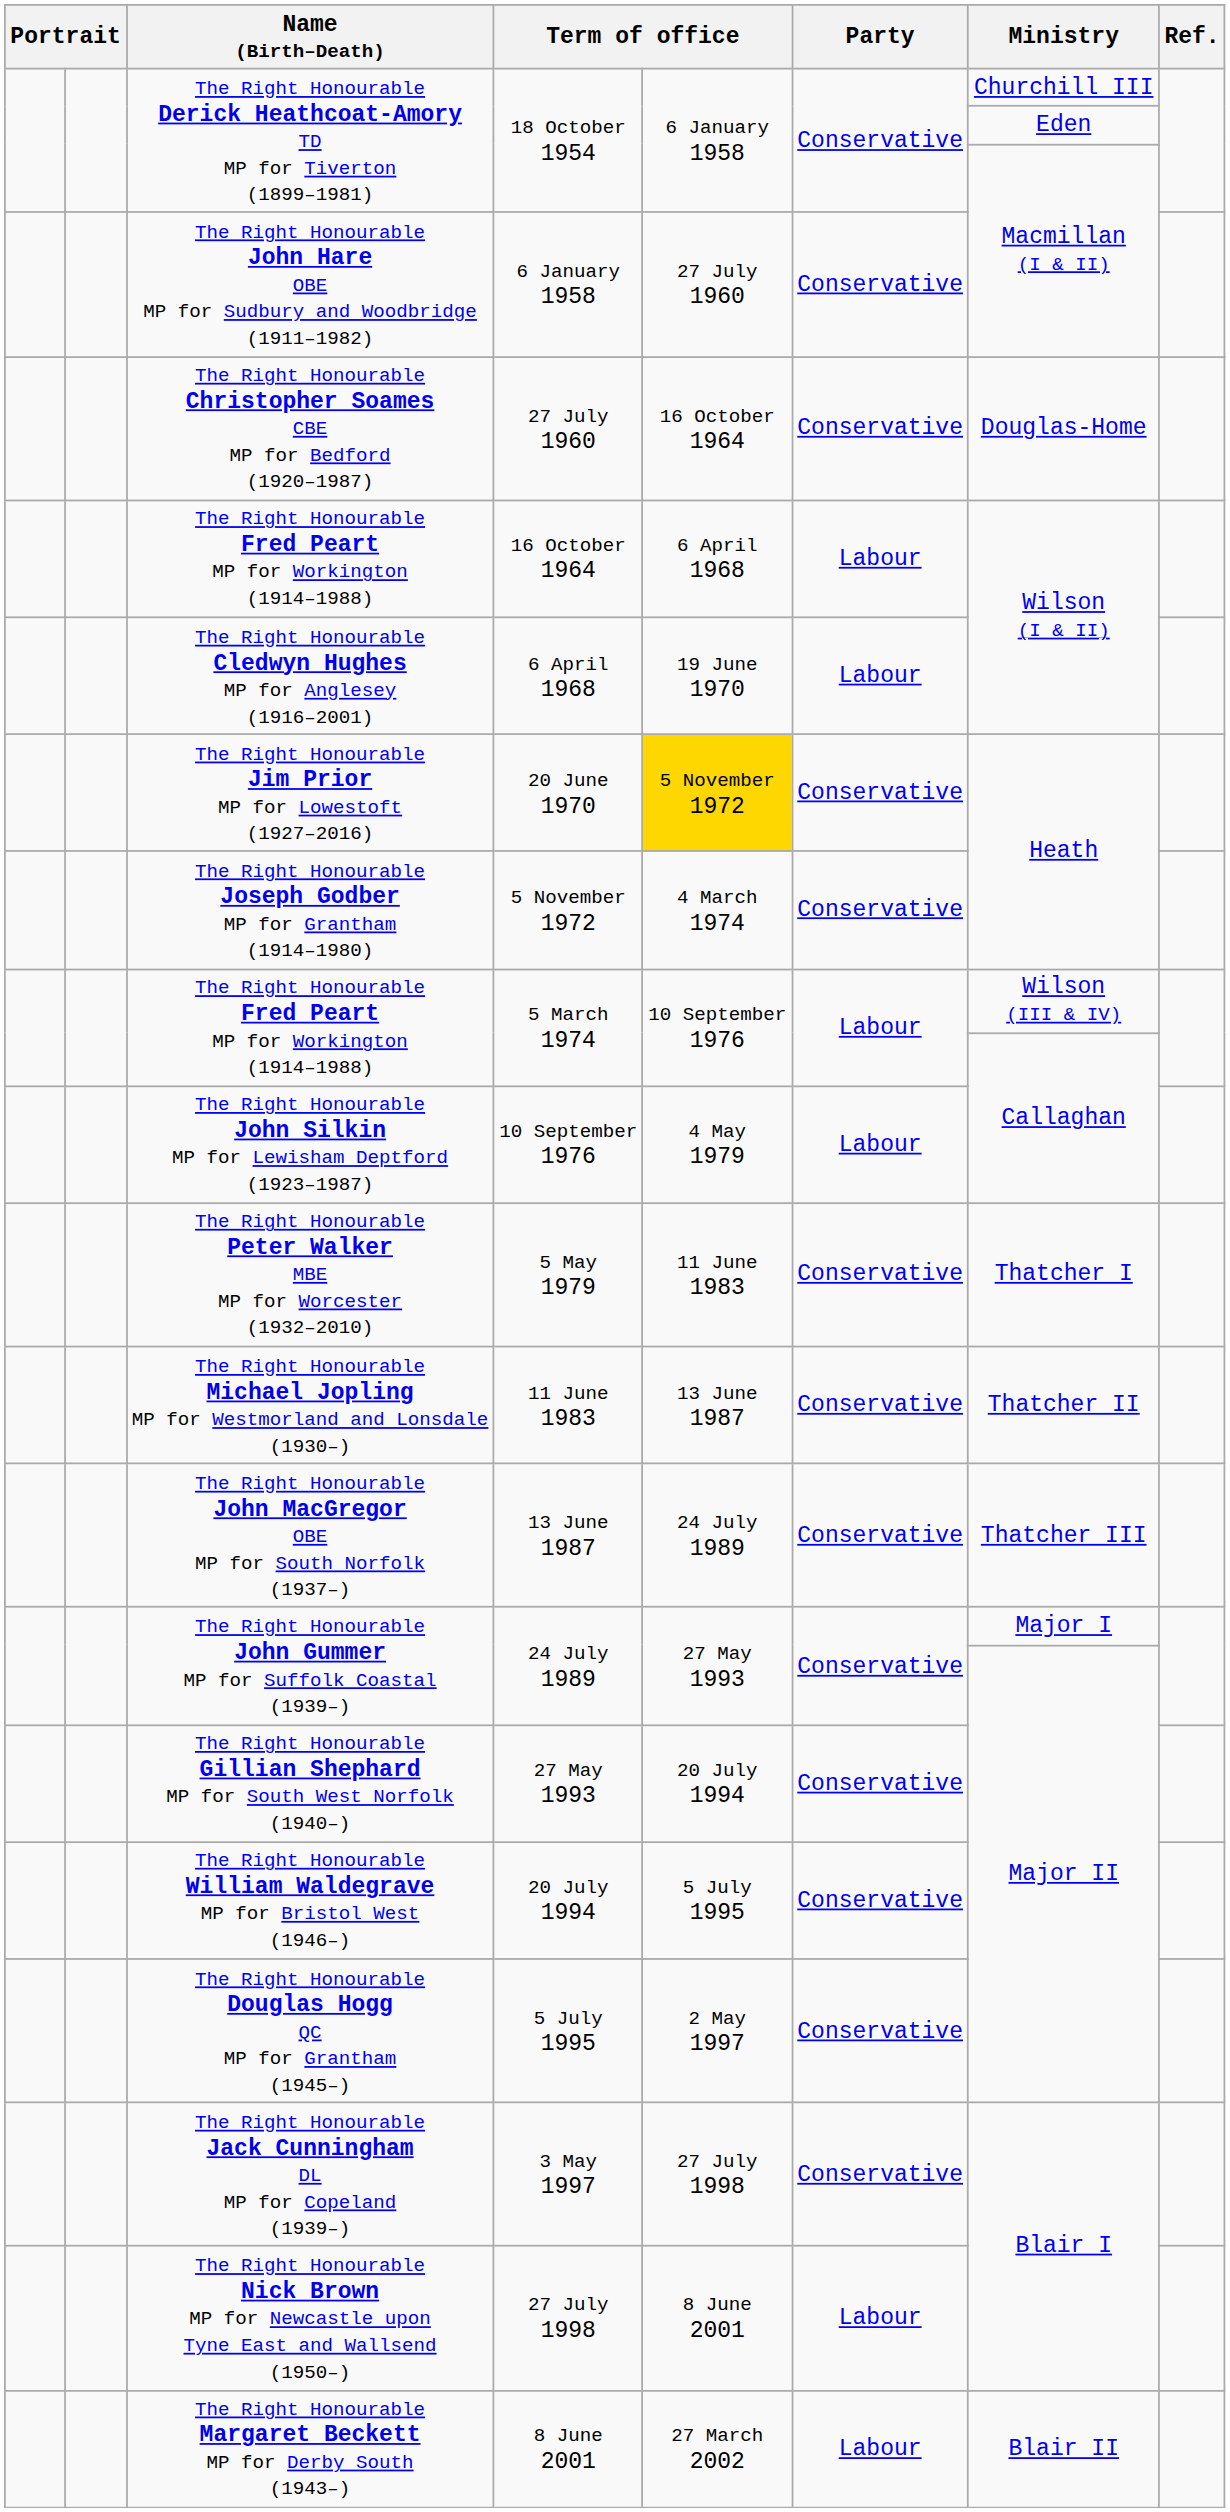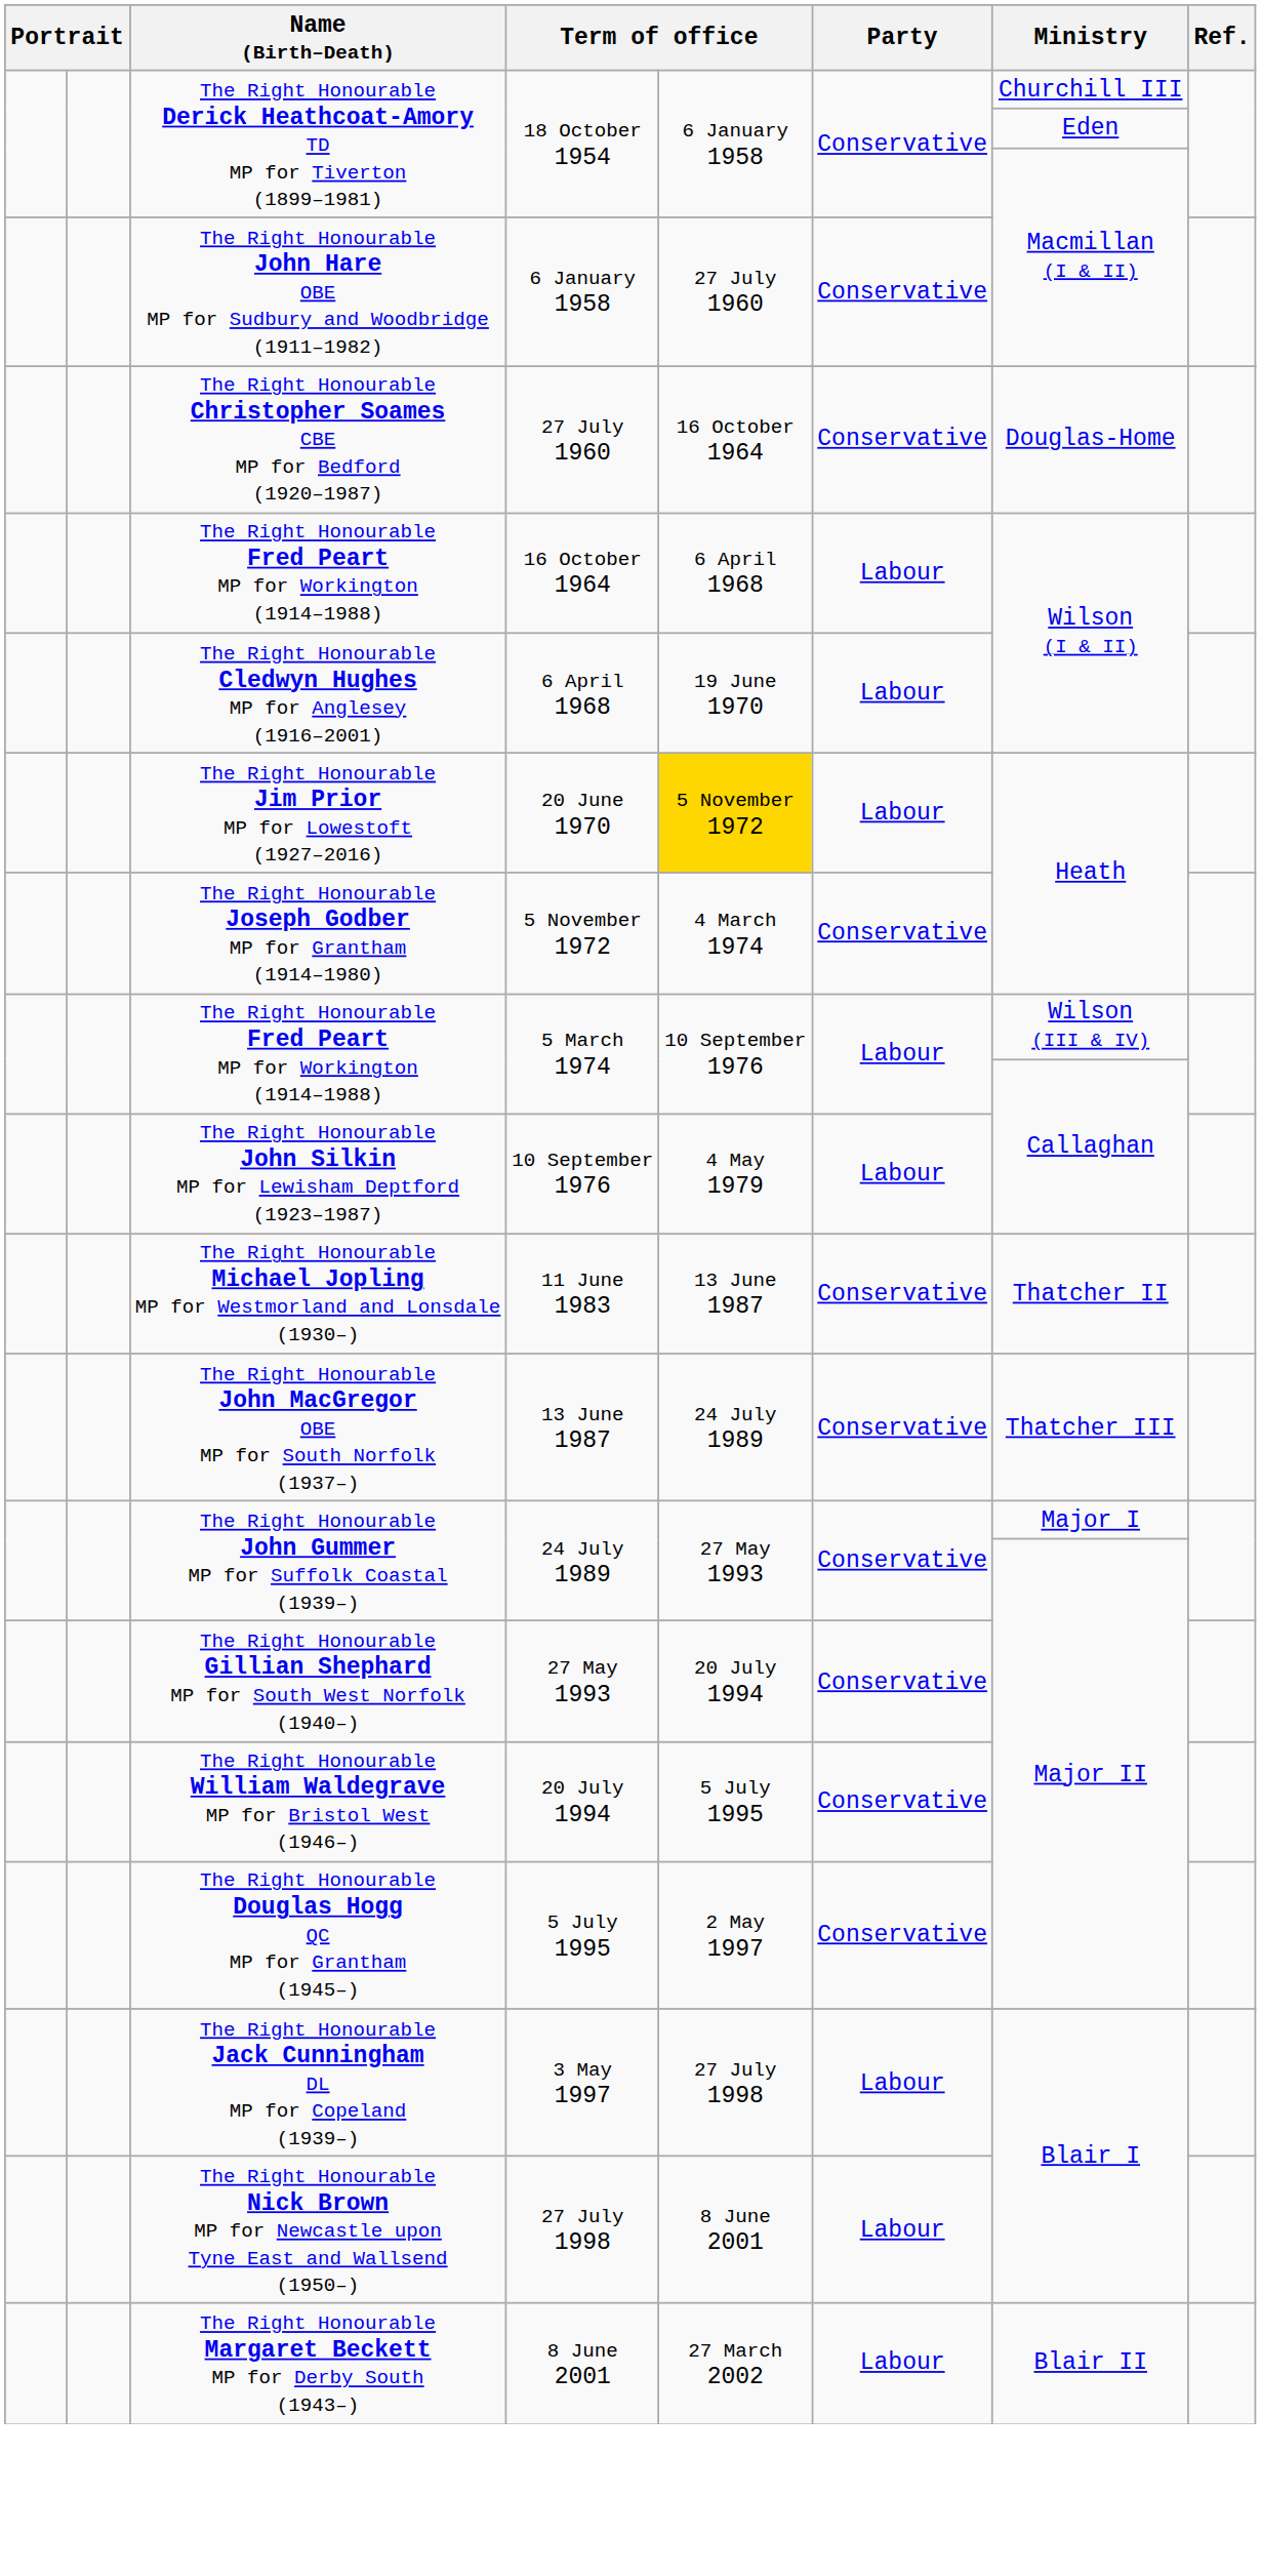 <table class="wikitable" style="text-align:center; white-space: nowrap;">
 <tr>
 <th colspan=2>Portrait</th>
 <th>Name<br><small>(Birth–Death)</small></th>
 <th colspan=2>Term of office</th>
 <th>Party</th>
 <th>Ministry</th>
 <th><abbr>Ref.</abbr></th>
 </tr>
 <tr>
 <td rowspan=3 style="background-color: "></td>
 <td rowspan=3></td>
 <td rowspan=3><a href='#'><small>The Right Honourable</small><br><strong>Derick Heathcoat-Amory</strong><br><small>TD</small></a><br><small>MP for <a href='#'>Tiverton</a><br>(1899–1981)</small></td>
 <td rowspan=3><small>18 October</small><br>1954</td>
 <td rowspan=3><small>6 January</small><br>1958</td>
 <td rowspan=3 ><a href='#'>Conservative</a></td>
 <td><a href='#'>Churchill III</a></td>
 <td rowspan=3></td>
 </tr>
 <tr>
 <td><a href='#'>Eden</a></td>
 </tr>
 <tr>
 <td rowspan=3 ><a href='#'>Macmillan<br><small>(I & II)</small></a></td>
 </tr>
 <tr>
 <td style="background-color: "></td>
 <td></td>
 <td><a href='#'><small>The Right Honourable</small><br><strong>John Hare</strong><br><small>OBE</small></a><br><small>MP for <a href='#'>Sudbury and Woodbridge</a><br>(1911–1982)</small></td>
 <td><small>6 January</small><br>1958</td>
 <td><small>27 July</small><br>1960</td>
 <td><a href='#'>Conservative</a></td>
 <td></td>
 </tr>
 <tr>
 <td rowspan=2 style="background-color: "></td>
 <td rowspan=2></td>
 <td rowspan=2><a href='#'><small>The Right Honourable</small><br><strong>Christopher Soames</strong><br><small>CBE</small></a><br><small>MP for <a href='#'>Bedford</a><br>(1920–1987)</small></td>
 <td rowspan=2><small>27 July</small><br>1960</td>
 <td rowspan=2><small>16 October</small><br>1964</td>
 <td rowspan=2 ><a href='#'>Conservative</a></td>
 <td rowspan=2></td>
 </tr>
 <tr>
 <td><a href='#'>Douglas-Home</a></td>
 </tr>
 <tr>
 <td style="background-color: "></td>
 <td></td>
 <td><a href='#'><small>The Right Honourable</small><br><strong>Fred Peart</strong></a><br><small>MP for <a href='#'>Workington</a><br>(1914–1988)</small></td>
 <td><small>16 October</small><br>1964</td>
 <td><small>6 April</small><br>1968</td>
 <td><a href='#'>Labour</a></td>
 <td rowspan=2 ><a href='#'>Wilson<br><small>(I & II)</small></a></td>
 <td></td>
 </tr>
 <tr>
 <td style="background-color: "></td>
 <td></td>
 <td><a href='#'><small>The Right Honourable</small><br><strong>Cledwyn Hughes</strong></a><br><small>MP for <a href='#'>Anglesey</a><br>(1916–2001)</small></td>
 <td><small>6 April</small><br>1968</td>
 <td><small>19 June</small><br>1970</td>
 <td><a href='#'>Labour</a></td>
 <td></td>
 </tr>
 <tr>
 <td style="background-color: "></td>
 <td></td>
 <td><a href='#'><small>The Right Honourable</small><br><strong>Jim Prior</strong></a><br><small>MP for <a href='#'>Lowestoft</a><br>(1927–2016)</small></td>
 <td><small>20 June</small><br>1970</td>
 <td style="background: gold;"><small>5 November</small><br>1972</td>
-<td><a href='#'>Conservative</a></td>
+<td><a href='#'>Labour</a></td>
 <td rowspan=2 ><a href='#'>Heath</a></td>
 <td></td>
 </tr>
 <tr>
 <td style="background-color: "></td>
 <td></td>
 <td><a href='#'><small>The Right Honourable</small><br><strong>Joseph Godber</strong></a><br><small>MP for <a href='#'>Grantham</a><br>(1914–1980)</small></td>
 <td><small>5 November</small><br>1972</td>
 <td><small>4 March</small><br>1974</td>
 <td><a href='#'>Conservative</a></td>
 <td></td>
 </tr>
 <tr>
 <td rowspan=2 style="background-color: "></td>
 <td rowspan=2></td>
 <td rowspan=2><a href='#'><small>The Right Honourable</small><br><strong>Fred Peart</strong></a><br><small>MP for <a href='#'>Workington</a><br>(1914–1988)</small></td>
 <td rowspan=2><small>5 March</small><br>1974</td>
 <td rowspan=2><small>10 September</small><br>1976</td>
 <td rowspan=2 ><a href='#'>Labour</a></td>
 <td><a href='#'>Wilson<br><small>(III & IV)</small></a></td>
 <td rowspan=2></td>
 </tr>
 <tr>
 <td rowspan=2 ><a href='#'>Callaghan</a></td>
 </tr>
 <tr>
 <td style="background-color: "></td>
 <td></td>
 <td><a href='#'><small>The Right Honourable</small><br><strong>John Silkin</strong></a><br><small>MP for <a href='#'>Lewisham Deptford</a><br>(1923–1987)</small></td>
 <td><small>10 September</small><br>1976</td>
 <td><small>4 May</small><br>1979</td>
 <td><a href='#'>Labour</a></td>
-<td></td>
-</tr>
-<tr>
-<td style="background-color: "></td>
-<td></td>
-<td><a href='#'><small>The Right Honourable</small><br><strong>Peter Walker</strong><br><small>MBE</small></a><br><small>MP for <a href='#'>Worcester</a><br>(1932–2010)</small></td>
-<td><small>5 May</small><br>1979</td>
-<td><small>11 June</small><br>1983</td>
-<td><a href='#'>Conservative</a></td>
-<td><a href='#'>Thatcher I</a></td>
 <td></td>
 </tr>
 <tr>
 <td style="background-color: "></td>
 <td></td>
 <td><a href='#'><small>The Right Honourable</small><br><strong>Michael Jopling</strong></a><br><small>MP for <a href='#'>Westmorland and Lonsdale</a><br>(1930–)</small></td>
 <td><small>11 June</small><br>1983</td>
 <td><small>13 June</small><br>1987</td>
 <td><a href='#'>Conservative</a></td>
 <td><a href='#'>Thatcher II</a></td>
 <td></td>
 </tr>
 <tr>
 <td style="background-color: "></td>
 <td></td>
 <td><a href='#'><small>The Right Honourable</small><br><strong>John MacGregor</strong><br><small>OBE</small></a><br><small>MP for <a href='#'>South Norfolk</a><br>(1937–)</small></td>
 <td><small>13 June</small><br>1987</td>
 <td><small>24 July</small><br>1989</td>
 <td><a href='#'>Conservative</a></td>
 <td rowspan=2 ><a href='#'>Thatcher III</a></td>
 <td></td>
 </tr>
 <tr>
 <td rowspan=3 style="background-color: "></td>
 <td rowspan=3></td>
 <td rowspan=3><a href='#'><small>The Right Honourable</small><br><strong>John Gummer</strong></a><br><small>MP for <a href='#'>Suffolk Coastal</a><br>(1939–)</small></td>
 <td rowspan=3><small>24 July</small><br>1989</td>
 <td rowspan=3><small>27 May</small><br>1993</td>
 <td rowspan=3 ><a href='#'>Conservative</a></td>
 <td rowspan=3></td>
 </tr>
 <tr>
 <td><a href='#'>Major I</a></td>
 </tr>
 <tr>
 <td rowspan=4 ><a href='#'>Major II</a></td>
 </tr>
 <tr>
 <td style="background-color: "></td>
 <td></td>
 <td><a href='#'><small>The Right Honourable</small><br><strong>Gillian Shephard</strong></a><br><small>MP for <a href='#'>South West Norfolk</a><br>(1940–)</small></td>
 <td><small>27 May</small><br>1993</td>
 <td><small>20 July</small><br>1994</td>
 <td><a href='#'>Conservative</a></td>
 <td></td>
 </tr>
 <tr>
 <td style="background-color: "></td>
 <td></td>
 <td><a href='#'><small>The Right Honourable</small><br><strong>William Waldegrave</strong></a><br><small>MP for <a href='#'>Bristol West</a><br>(1946–)</small></td>
 <td><small>20 July</small><br>1994</td>
 <td><small>5 July</small><br>1995</td>
 <td><a href='#'>Conservative</a></td>
 <td></td>
 </tr>
 <tr>
 <td style="background-color: "></td>
 <td></td>
 <td><a href='#'><small>The Right Honourable</small><br><strong>Douglas Hogg</strong><br><small>QC</small></a><br><small>MP for <a href='#'>Grantham</a><br>(1945–)</small></td>
 <td><small>5 July</small><br>1995</td>
 <td><small>2 May</small><br>1997</td>
 <td><a href='#'>Conservative</a></td>
 <td></td>
 </tr>
 <tr>
 <td style="background-color: "></td>
 <td></td>
 <td><a href='#'><small>The Right Honourable</small><br><strong>Jack Cunningham</strong><br><small>DL</small></a><br><small>MP for <a href='#'>Copeland</a><br>(1939–)</small></td>
 <td><small>3 May</small><br>1997</td>
 <td><small>27 July</small><br>1998</td>
-<td><a href='#'>Conservative</a></td>
+<td><a href='#'>Labour</a></td>
 <td rowspan=2 ><a href='#'>Blair I</a></td>
 <td></td>
 </tr>
 <tr>
 <td style="background-color: "></td>
 <td></td>
 <td><a href='#'><small>The Right Honourable</small><br><strong>Nick Brown</strong></a><br><small>MP for <a href='#'>Newcastle upon<br>Tyne East and Wallsend</a><br>(1950–)</small></td>
 <td><small>27 July</small><br>1998</td>
 <td><small>8 June</small><br>2001</td>
 <td><a href='#'>Labour</a></td>
 <td></td>
 </tr>
 <tr>
 <td style="background-color: "></td>
 <td></td>
 <td><a href='#'><small>The Right Honourable</small><br><strong>Margaret Beckett</strong></a><br><small>MP for <a href='#'>Derby South</a><br>(1943–)</small></td>
 <td><small>8 June</small><br>2001</td>
 <td><small>27 March</small><br>2002</td>
 <td><a href='#'>Labour</a></td>
 <td><a href='#'>Blair II</a></td>
 <td></td>
 </tr>
 </table>
